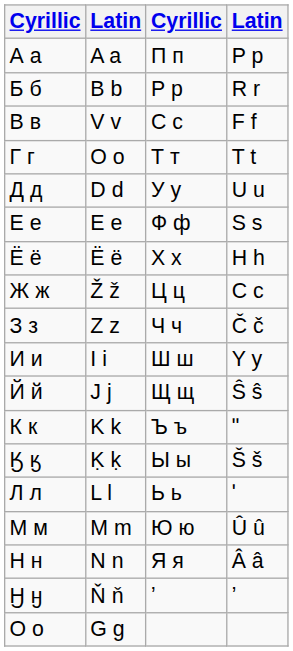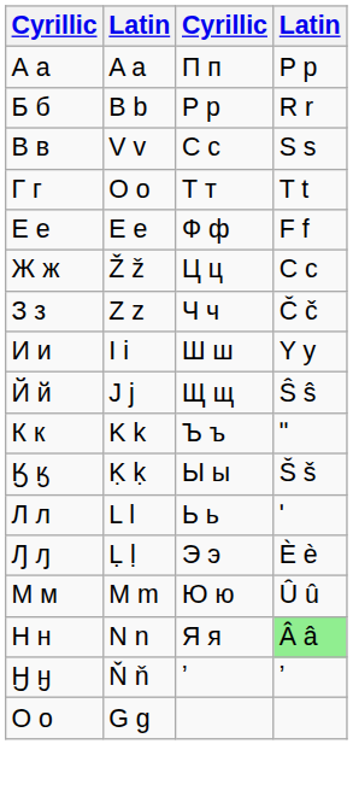 <table class="wikitable" style="display: inline-table;">
 <tr>
 <th style="font-weight: bold;"><a href='#'>Cyrillic</a></th>
 <th style="font-weight: bold;"><a href='#'>Latin</a></th>
 <th><a href='#'>Cyrillic</a></th>
 <th><a href='#'>Latin</a></th>
 </tr>
 <tr>
 <td>А а</td>
 <td>A a</td>
 <td>П п</td>
 <td>P p</td>
 </tr>
 <tr>
 <td>Б б</td>
 <td>B b</td>
 <td>Р р</td>
 <td>R r</td>
 </tr>
 <tr>
 <td>В в</td>
 <td>V v</td>
 <td>С с</td>
-<td>F f</td>
+<td>S s</td>
 </tr>
 <tr>
 <td>Г г</td>
 <td>O o</td>
 <td>Т т</td>
 <td>T t</td>
 </tr>
 <tr>
-<td>Д д</td>
-<td>D d</td>
-<td>У у</td>
-<td>U u</td>
-</tr>
-<tr>
 <td>Е е</td>
 <td>E e</td>
 <td>Ф ф</td>
-<td>S s</td>
-</tr>
-<tr>
-<td>Ё ё</td>
-<td>Ë ë</td>
-<td>Х х</td>
-<td>H h</td>
+<td>F f</td>
 </tr>
 <tr>
 <td>Ж ж</td>
 <td>Ž ž</td>
 <td>Ц ц</td>
 <td>C c</td>
 </tr>
 <tr>
 <td>З з</td>
 <td>Z z</td>
 <td>Ч ч</td>
 <td>Č č</td>
 </tr>
 <tr>
 <td>И и</td>
 <td>I i</td>
 <td>Ш ш</td>
 <td>Y y</td>
 </tr>
 <tr>
 <td>Й й</td>
 <td>J j</td>
 <td>Щ щ</td>
 <td>Ŝ ŝ</td>
 </tr>
 <tr>
 <td>К к</td>
 <td>K k</td>
 <td>Ъ ъ</td>
 <td>ʺ</td>
 </tr>
 <tr>
 <td>Ӄ ӄ</td>
 <td>Ḳ ḳ</td>
 <td>Ы ы</td>
 <td>Š š</td>
 </tr>
 <tr>
 <td>Л л</td>
 <td>L l</td>
 <td>Ь ь</td>
 <td>ʹ</td>
 </tr>
 <tr>
+<td>Ԓ ԓ</td>
+<td>Ḷ ḷ</td>
+<td>Э э</td>
+<td>È è</td>
+</tr>
+<tr>
 <td>М м</td>
 <td>M m</td>
 <td>Ю ю</td>
 <td>Û û</td>
 </tr>
 <tr>
 <td>Н н</td>
 <td>N n</td>
 <td>Я я</td>
-<td>Â â</td>
+<td style="background: lightgreen;">Â â</td>
 </tr>
 <tr>
 <td>Ӈ ӈ</td>
 <td>Ň ň</td>
 <td>ʼ</td>
 <td>ʼ</td>
 </tr>
 <tr>
 <td>О о</td>
 <td>G g</td>
 <td></td>
 <td></td>
 </tr>
 </table>
